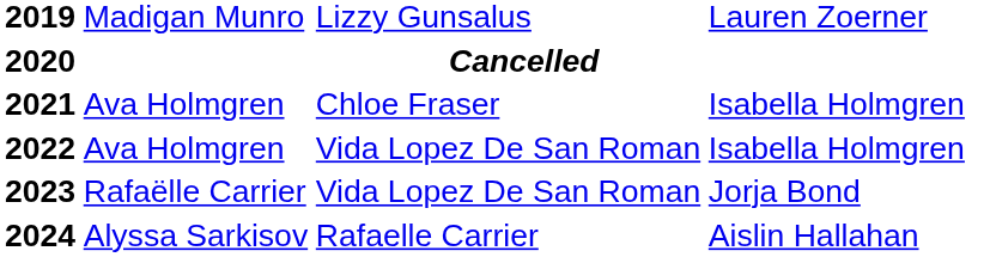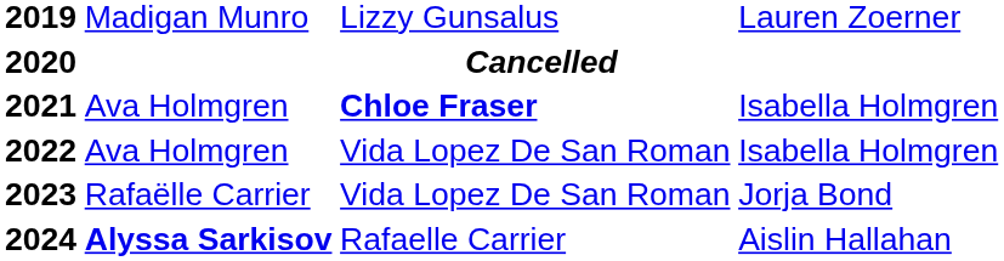 <table>
 <tr>
 <th>2019</th>
 <td> <a href='#'>Madigan Munro</a></td>
 <td> <a href='#'>Lizzy Gunsalus</a></td>
 <td> <a href='#'>Lauren Zoerner</a></td>
 </tr>
 <tr>
 <th>2020</th>
 <th colspan=3 align=center><em>Cancelled</em></th>
 </tr>
 <tr>
 <th>2021</th>
 <td> <a href='#'>Ava Holmgren</a></td>
-<td> <a href='#'>Chloe Fraser</a></td>
+<td><strong> <a href='#'>Chloe Fraser</a></strong></td>
 <td> <a href='#'>Isabella Holmgren</a></td>
 </tr>
 <tr>
 <th>2022</th>
 <td> <a href='#'>Ava Holmgren</a></td>
 <td> <a href='#'>Vida Lopez De San Roman</a></td>
 <td> <a href='#'>Isabella Holmgren</a></td>
 </tr>
 <tr>
 <th>2023</th>
 <td> <a href='#'>Rafaëlle Carrier</a></td>
 <td> <a href='#'>Vida Lopez De San Roman</a></td>
 <td> <a href='#'>Jorja Bond</a></td>
 </tr>
 <tr>
 <th>2024</th>
-<td> <a href='#'>Alyssa Sarkisov</a></td>
+<td><strong> <a href='#'>Alyssa Sarkisov</a></strong></td>
 <td> <a href='#'>Rafaelle Carrier</a></td>
 <td> <a href='#'>Aislin Hallahan</a></td>
 </tr>
 </table>
